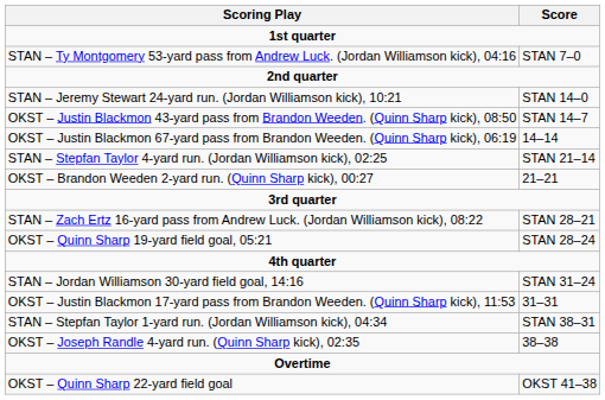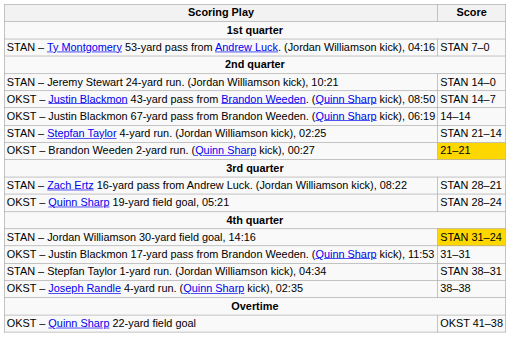 <table class="wikitable">
 <tr>
 <th>Scoring Play</th>
 <th>Score</th>
 </tr>
 <tr>
 <td colspan="4" style="text-align:center;"><strong>1st quarter</strong></td>
 </tr>
 <tr>
 <td>STAN – <a href='#'>Ty Montgomery</a> 53-yard pass from <a href='#'>Andrew Luck</a>. (Jordan Williamson kick), 04:16</td>
 <td>STAN 7–0</td>
 </tr>
 <tr>
 <td colspan="4" style="text-align:center;"><strong>2nd quarter</strong></td>
 </tr>
 <tr>
 <td>STAN – Jeremy Stewart 24-yard run. (Jordan Williamson kick), 10:21</td>
 <td>STAN 14–0</td>
 </tr>
 <tr>
 <td>OKST – <a href='#'>Justin Blackmon</a> 43-yard pass from <a href='#'>Brandon Weeden</a>. (<a href='#'>Quinn Sharp</a> kick), 08:50</td>
 <td>STAN 14–7</td>
 </tr>
 <tr>
 <td>OKST – Justin Blackmon 67-yard pass from Brandon Weeden. (<a href='#'>Quinn Sharp</a> kick), 06:19</td>
 <td>14–14</td>
 </tr>
 <tr>
 <td>STAN – <a href='#'>Stepfan Taylor</a> 4-yard run. (Jordan Williamson kick), 02:25</td>
 <td>STAN 21–14</td>
 </tr>
 <tr>
 <td>OKST – Brandon Weeden 2-yard run. (<a href='#'>Quinn Sharp</a> kick), 00:27</td>
-<td>21–21</td>
+<td style="background: gold;">21–21</td>
 </tr>
 <tr>
 <td colspan="4" style="text-align:center;"><strong>3rd quarter</strong></td>
 </tr>
 <tr>
 <td>STAN – <a href='#'>Zach Ertz</a> 16-yard pass from Andrew Luck. (Jordan Williamson kick), 08:22</td>
 <td>STAN 28–21</td>
 </tr>
 <tr>
 <td>OKST – <a href='#'>Quinn Sharp</a> 19-yard field goal, 05:21</td>
 <td>STAN 28–24</td>
 </tr>
 <tr>
 <td colspan="4" style="text-align:center;"><strong>4th quarter</strong></td>
 </tr>
 <tr>
 <td>STAN – Jordan Williamson 30-yard field goal, 14:16</td>
-<td>STAN 31–24</td>
+<td style="background: gold;">STAN 31–24</td>
 </tr>
 <tr>
 <td>OKST – Justin Blackmon 17-yard pass from Brandon Weeden. (<a href='#'>Quinn Sharp</a> kick), 11:53</td>
 <td>31–31</td>
 </tr>
 <tr>
 <td>STAN – Stepfan Taylor 1-yard run. (Jordan Williamson kick), 04:34</td>
 <td>STAN 38–31</td>
 </tr>
 <tr>
 <td>OKST – <a href='#'>Joseph Randle</a> 4-yard run. (<a href='#'>Quinn Sharp</a> kick), 02:35</td>
 <td>38–38</td>
 </tr>
 <tr>
 <td colspan="4" style="text-align:center;"><strong>Overtime</strong></td>
 </tr>
 <tr>
 <td>OKST – <a href='#'>Quinn Sharp</a> 22-yard field goal</td>
 <td>OKST 41–38</td>
 </tr>
 </table>
